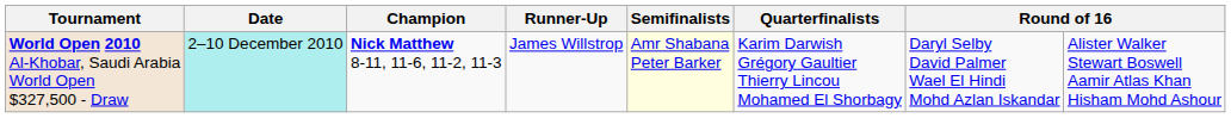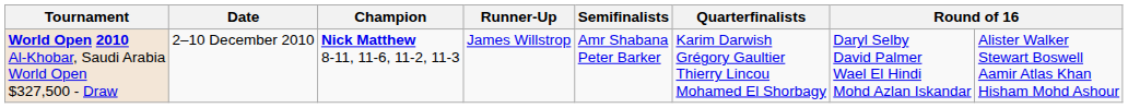 <table class="wikitable" style="font-size:88%">
 <tr>
 <th>Tournament</th>
 <th>Date</th>
 <th>Champion</th>
 <th>Runner-Up</th>
 <th>Semifinalists</th>
 <th>Quarterfinalists</th>
 <th colspan=2>Round of 16</th>
 </tr>
 <tr valign=top>
 <td style="background:#F3E6D7;"><strong><a href='#'>World Open</a> <a href='#'>2010</a></strong><br> <a href='#'>Al-Khobar</a>, Saudi Arabia<br><a href='#'>World Open</a><br>$327,500 - <a href='#'>Draw</a></td>
-<td style="background: paleturquoise;">2–10 December 2010</td>
+<td>2–10 December 2010</td>
 <td> <strong><a href='#'>Nick Matthew</a></strong><br>8-11, 11-6, 11-2, 11-3</td>
 <td> <a href='#'>James Willstrop</a></td>
-<td style="background: lightyellow;"> <a href='#'>Amr Shabana</a><br> <a href='#'>Peter Barker</a></td>
+<td> <a href='#'>Amr Shabana</a><br> <a href='#'>Peter Barker</a></td>
 <td> <a href='#'>Karim Darwish</a><br> <a href='#'>Grégory Gaultier</a><br> <a href='#'>Thierry Lincou</a><br> <a href='#'>Mohamed El Shorbagy</a></td>
 <td> <a href='#'>Daryl Selby</a><br> <a href='#'>David Palmer</a><br> <a href='#'>Wael El Hindi</a><br> <a href='#'>Mohd Azlan Iskandar</a></td>
 <td> <a href='#'>Alister Walker</a><br> <a href='#'>Stewart Boswell</a><br> <a href='#'>Aamir Atlas Khan</a><br> <a href='#'>Hisham Mohd Ashour</a></td>
 </tr>
 </table>
